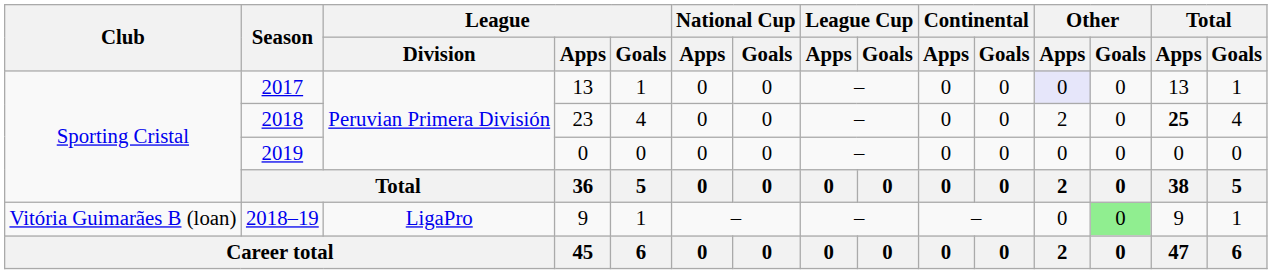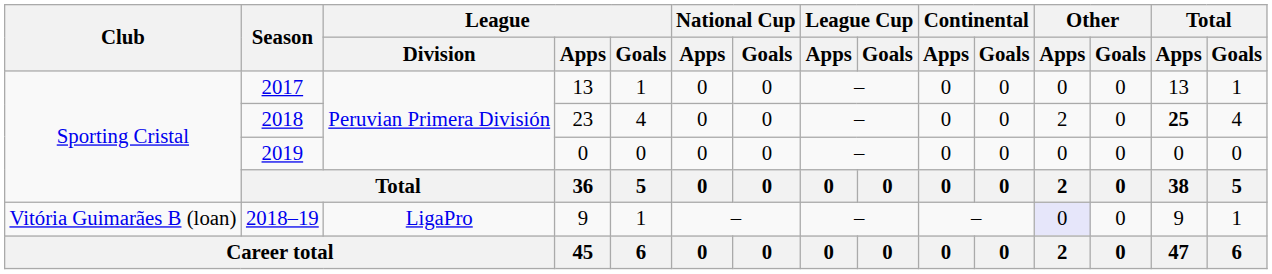 <table class="wikitable" style="text-align: center">
 <tr>
 <th rowspan="2">Club</th>
 <th rowspan="2">Season</th>
 <th colspan="3">League</th>
 <th colspan="2">National Cup</th>
 <th colspan="2">League Cup</th>
 <th colspan="2">Continental</th>
 <th colspan="2">Other</th>
 <th colspan="2">Total</th>
 </tr>
 <tr>
 <th>Division</th>
 <th>Apps</th>
 <th>Goals</th>
 <th>Apps</th>
 <th>Goals</th>
 <th>Apps</th>
 <th>Goals</th>
 <th>Apps</th>
 <th>Goals</th>
 <th>Apps</th>
 <th>Goals</th>
 <th>Apps</th>
 <th>Goals</th>
 </tr>
 <tr>
 <td rowspan="4"><a href='#'>Sporting Cristal</a></td>
 <td><a href='#'>2017</a></td>
 <td rowspan="3"><a href='#'>Peruvian Primera División</a></td>
 <td>13</td>
 <td>1</td>
 <td>0</td>
 <td>0</td>
 <td colspan="2">–</td>
 <td>0</td>
 <td>0</td>
-<td style="background: lavender;">0</td>
+<td>0</td>
 <td>0</td>
 <td>13</td>
 <td>1</td>
 </tr>
 <tr>
 <td><a href='#'>2018</a></td>
 <td>23</td>
 <td>4</td>
 <td>0</td>
 <td>0</td>
 <td colspan="2">–</td>
 <td>0</td>
 <td>0</td>
 <td>2</td>
 <td>0</td>
 <td><strong>25</strong></td>
 <td>4</td>
 </tr>
 <tr>
 <td><a href='#'>2019</a></td>
 <td>0</td>
 <td>0</td>
 <td>0</td>
 <td>0</td>
 <td colspan="2">–</td>
 <td>0</td>
 <td>0</td>
 <td>0</td>
 <td>0</td>
 <td>0</td>
 <td>0</td>
 </tr>
 <tr>
 <th colspan="2"><strong>Total</strong></th>
 <th>36</th>
 <th>5</th>
 <th>0</th>
 <th>0</th>
 <th>0</th>
 <th>0</th>
 <th>0</th>
 <th>0</th>
 <th>2</th>
 <th>0</th>
 <th>38</th>
 <th>5</th>
 </tr>
 <tr>
 <td><a href='#'>Vitória Guimarães B</a> (loan)</td>
 <td><a href='#'>2018–19</a></td>
 <td><a href='#'>LigaPro</a></td>
 <td>9</td>
 <td>1</td>
 <td colspan="2">–</td>
 <td colspan="2">–</td>
 <td colspan="2">–</td>
+<td style="background: lavender;">0</td>
 <td>0</td>
-<td style="background: lightgreen;">0</td>
 <td>9</td>
 <td>1</td>
 </tr>
 <tr>
 <th colspan="3"><strong>Career total</strong></th>
 <th>45</th>
 <th>6</th>
 <th>0</th>
 <th>0</th>
 <th>0</th>
 <th>0</th>
 <th>0</th>
 <th>0</th>
 <th>2</th>
 <th>0</th>
 <th>47</th>
 <th>6</th>
 </tr>
 </table>
